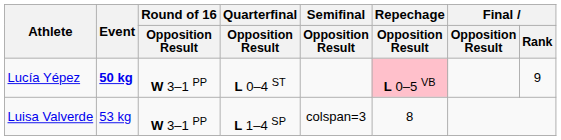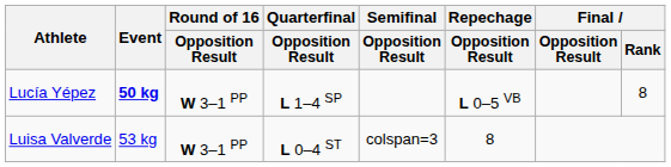 <table class="wikitable" style="font-size:90%">
 <tr>
 <th rowspan=2>Athlete</th>
 <th rowspan=2>Event</th>
 <th>Round of 16</th>
 <th>Quarterfinal</th>
 <th>Semifinal</th>
 <th>Repechage</th>
 <th colspan=2>Final / </th>
 </tr>
 <tr style="font-size: 95%">
 <th>Opposition<br>Result</th>
 <th>Opposition<br>Result</th>
 <th>Opposition<br>Result</th>
 <th>Opposition<br>Result</th>
 <th>Opposition<br>Result</th>
 <th>Rank</th>
 </tr>
 <tr align=center>
 <td align=left><a href='#'>Lucía Yépez</a></td>
 <td align=left><strong><a href='#'>50 kg</a></strong></td>
 <td><br><strong>W</strong> 3–1 <sup>PP</sup></td>
-<td><br><strong>L</strong> 0–4 <sup>ST</sup></td>
+<td><br><strong>L</strong> 1–4 <sup>SP</sup></td>
 <td></td>
-<td style="background: pink;"><br><strong>L</strong> 0–5 <sup>VB</sup></td>
+<td><br><strong>L</strong> 0–5 <sup>VB</sup></td>
 <td></td>
-<td>9</td>
+<td>8</td>
 </tr>
 <tr align=center>
 <td align=left><a href='#'>Luisa Valverde</a></td>
 <td align=left><a href='#'>53 kg</a></td>
 <td><br><strong>W</strong> 3–1 <sup>PP</sup></td>
-<td><br><strong>L</strong> 1–4 <sup>SP</sup></td>
+<td><br><strong>L</strong> 0–4 <sup>ST</sup></td>
 <td>colspan=3 </td>
 <td>8</td>
 </tr>
 </table>
